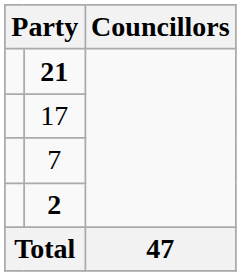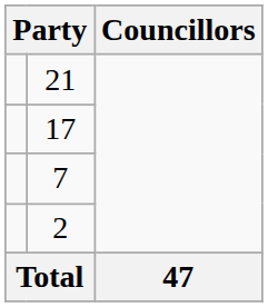 <table class="wikitable">
 <tr>
 <th colspan=2>Party</th>
 <th>Councillors</th>
 </tr>
 <tr>
 <td></td>
-<td align=center><strong>21</strong></td>
+<td align=center>21</td>
 </tr>
 <tr>
 <td></td>
 <td align=center>17</td>
 </tr>
 <tr>
 <td></td>
 <td align=center>7</td>
 </tr>
 <tr>
 <td></td>
-<td align=center><strong>2</strong></td>
+<td align=center>2</td>
 </tr>
 <tr>
 <th colspan=2>Total</th>
 <th align=center>47</th>
 </tr>
 </table>
